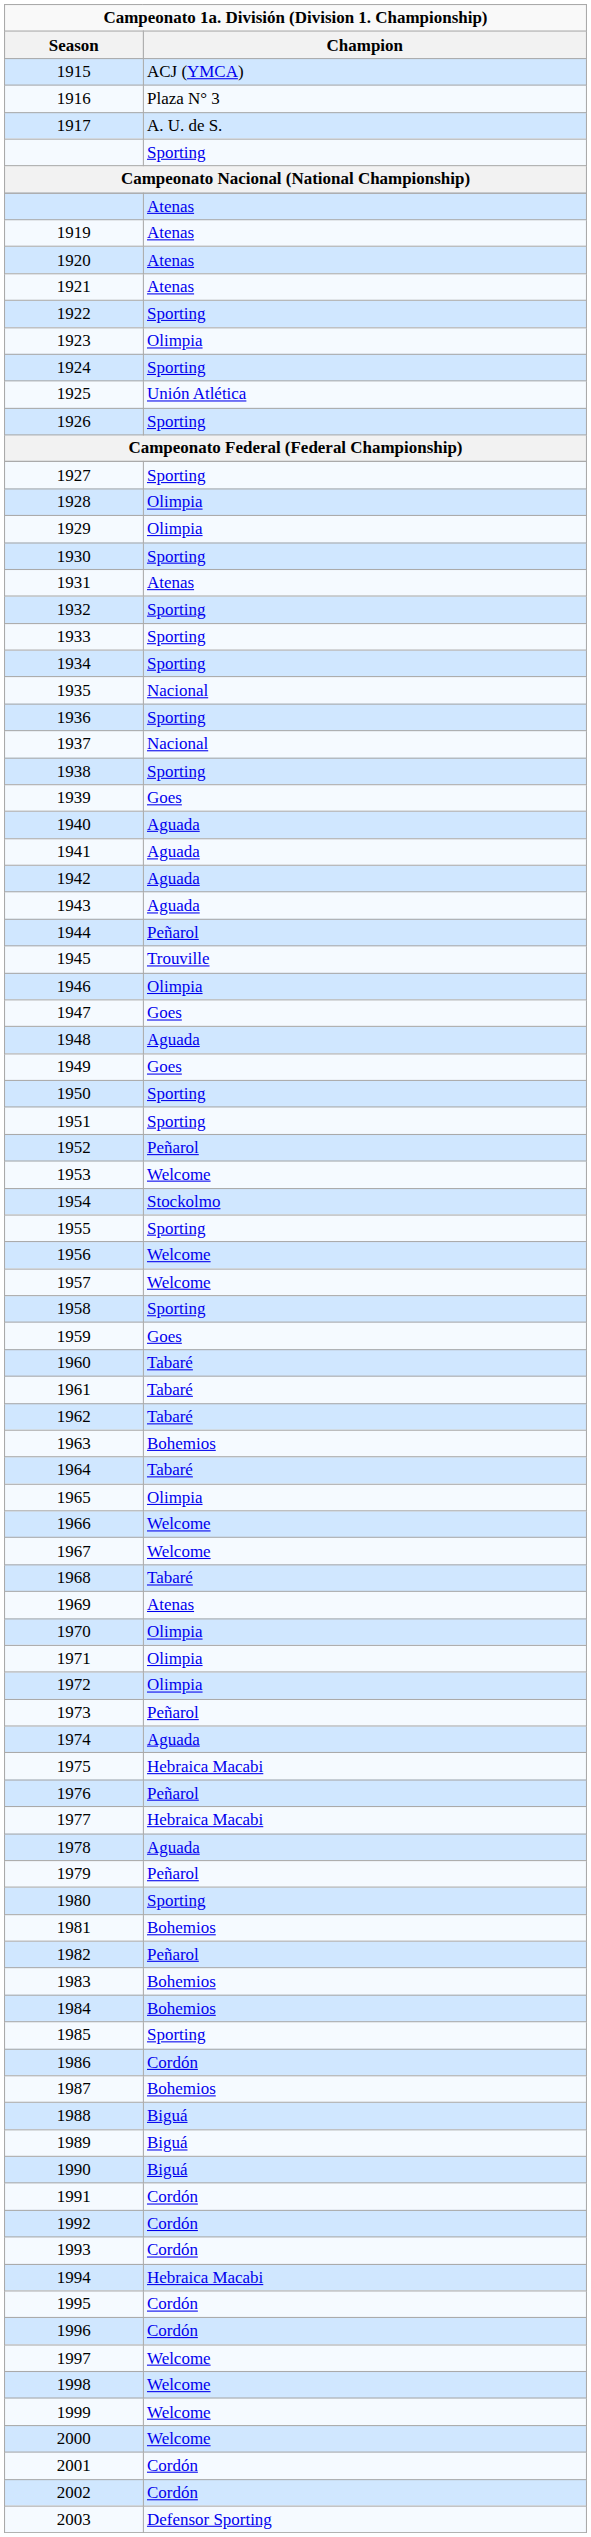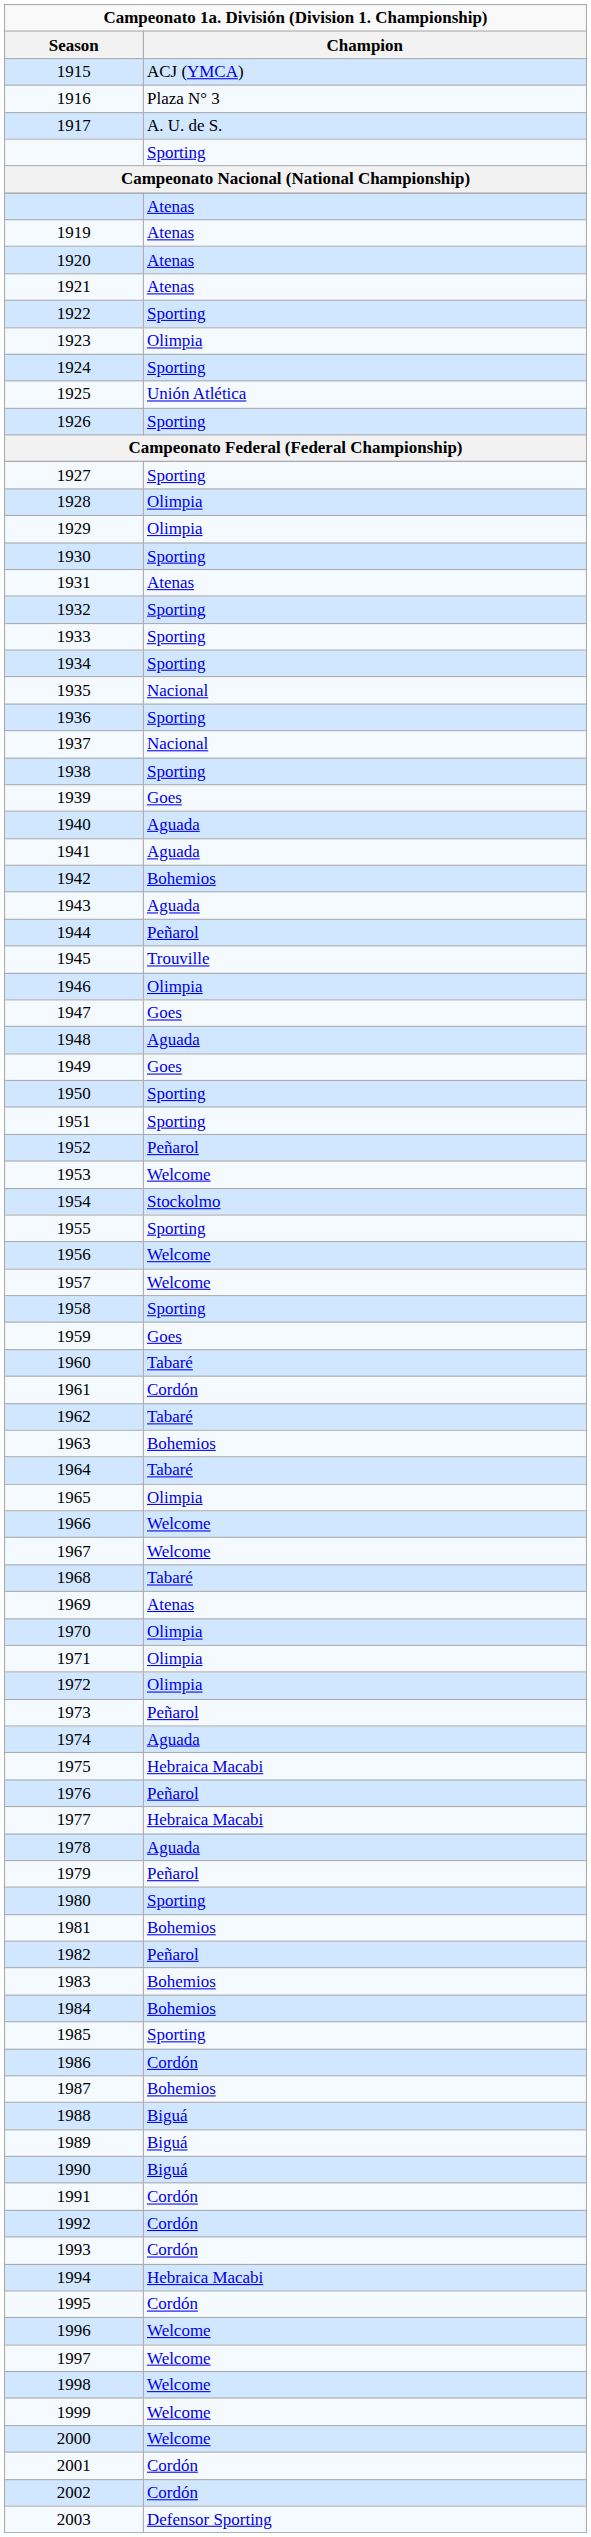 <table class="wikitable sortable"  style="text-align:left" width="550px">
 <tr>
 <td align=center colspan=2><strong>Campeonato 1a. División (Division 1. Championship)</strong></td>
 </tr>
 <tr align=center bgcolor=#DDDDDD style="color:Black;">
 <th width=10%>Season</th>
 <th width=32%>Champion</th>
 </tr>
 <tr align=left bgcolor=#D0E7FF>
 <td align=center>1915</td>
 <td> ACJ (<a href='#'>YMCA</a>)</td>
 </tr>
 <tr align=left bgcolor=#F5FAFF>
 <td align=center>1916</td>
 <td> Plaza N° 3</td>
 </tr>
 <tr align=left bgcolor=#D0E7FF>
 <td align=center>1917</td>
 <td> A. U. de S.</td>
 </tr>
 <tr align=left bgcolor=#F5FAFF>
 <td align=center></td>
 <td><a href='#'>Sporting</a></td>
 </tr>
 <tr>
 <th colspan="2"><strong>Campeonato Nacional (National Championship)</strong></th>
 </tr>
 <tr align=center bgcolor=#DDDDDD style="color:Black;">
 </tr>
 <tr align=left bgcolor=#D0E7FF>
 <td align=center></td>
 <td> <a href='#'>Atenas</a></td>
 </tr>
 <tr align=left bgcolor=#F5FAFF>
 <td align=center>1919</td>
 <td> <a href='#'>Atenas</a></td>
 </tr>
 <tr align=left bgcolor=#D0E7FF>
 <td align=center>1920</td>
 <td> <a href='#'>Atenas</a></td>
 </tr>
 <tr align=left bgcolor=#F5FAFF>
 <td align=center>1921</td>
 <td> <a href='#'>Atenas</a></td>
 </tr>
 <tr align=left bgcolor=#D0E7FF>
 <td align=center>1922</td>
 <td><a href='#'>Sporting</a></td>
 </tr>
 <tr align=left bgcolor=#F5FAFF>
 <td align=center>1923</td>
 <td> <a href='#'>Olimpia</a></td>
 </tr>
 <tr align=left bgcolor=#D0E7FF>
 <td align=center>1924</td>
 <td><a href='#'>Sporting</a></td>
 </tr>
 <tr align=left bgcolor=#F5FAFF>
 <td align=center>1925</td>
 <td><a href='#'>Unión Atlética</a></td>
 </tr>
 <tr align=left bgcolor=#D0E7FF>
 <td align=center>1926</td>
 <td><a href='#'>Sporting</a></td>
 </tr>
 <tr>
 <th colspan="2"><strong>Campeonato Federal (Federal Championship)</strong></th>
 </tr>
 <tr align=center bgcolor=#DDDDDD style="color:Black;">
 </tr>
 <tr align=left bgcolor=#F5FAFF>
 <td align=center>1927</td>
 <td><a href='#'>Sporting</a></td>
 </tr>
 <tr align=left bgcolor=#D0E7FF>
 <td align=center>1928</td>
 <td> <a href='#'>Olimpia</a></td>
 </tr>
 <tr align=left bgcolor=#F5FAFF>
 <td align=center>1929</td>
 <td> <a href='#'>Olimpia</a></td>
 </tr>
 <tr align=left bgcolor=#D0E7FF>
 <td align=center>1930</td>
 <td><a href='#'>Sporting</a></td>
 </tr>
 <tr align=left bgcolor=#F5FAFF>
 <td align=center>1931</td>
 <td> <a href='#'>Atenas</a></td>
 </tr>
 <tr align=left bgcolor=#D0E7FF>
 <td align=center>1932</td>
 <td><a href='#'>Sporting</a></td>
 </tr>
 <tr align=left bgcolor=#F5FAFF>
 <td align=center>1933</td>
 <td><a href='#'>Sporting</a></td>
 </tr>
 <tr align=left bgcolor=#D0E7FF>
 <td align=center>1934</td>
 <td><a href='#'>Sporting</a></td>
 </tr>
 <tr align=left bgcolor=#F5FAFF>
 <td align=center>1935</td>
 <td> <a href='#'>Nacional</a></td>
 </tr>
 <tr align=left bgcolor=#D0E7FF>
 <td align=center>1936</td>
 <td><a href='#'>Sporting</a></td>
 </tr>
 <tr align=left bgcolor=#F5FAFF>
 <td align=center>1937</td>
 <td> <a href='#'>Nacional</a></td>
 </tr>
 <tr align=left bgcolor=#D0E7FF>
 <td align=center>1938</td>
 <td><a href='#'>Sporting</a></td>
 </tr>
 <tr align=left bgcolor=#F5FAFF>
 <td align=center>1939</td>
 <td> <a href='#'>Goes</a></td>
 </tr>
 <tr align=left bgcolor=#D0E7FF>
 <td align=center>1940</td>
 <td> <a href='#'>Aguada</a></td>
 </tr>
 <tr align=left bgcolor=#F5FAFF>
 <td align=center>1941</td>
 <td> <a href='#'>Aguada</a></td>
 </tr>
 <tr align=left bgcolor=#D0E7FF>
 <td align=center>1942</td>
-<td> <a href='#'>Aguada</a></td>
+<td> <a href='#'>Bohemios</a></td>
 </tr>
 <tr align=left bgcolor=#F5FAFF>
 <td align=center>1943</td>
 <td> <a href='#'>Aguada</a></td>
 </tr>
 <tr align=left bgcolor=#D0E7FF>
 <td align=center>1944</td>
 <td> <a href='#'>Peñarol</a></td>
 </tr>
 <tr align=left bgcolor=#F5FAFF>
 <td align=center>1945</td>
 <td> <a href='#'>Trouville</a></td>
 </tr>
 <tr align=left bgcolor=#D0E7FF>
 <td align=center>1946</td>
 <td> <a href='#'>Olimpia</a></td>
 </tr>
 <tr align=left bgcolor=#F5FAFF>
 <td align=center>1947</td>
 <td> <a href='#'>Goes</a></td>
 </tr>
 <tr align=left bgcolor=#D0E7FF>
 <td align=center>1948</td>
 <td> <a href='#'>Aguada</a></td>
 </tr>
 <tr align=left bgcolor=#F5FAFF>
 <td align=center>1949</td>
 <td> <a href='#'>Goes</a></td>
 </tr>
 <tr align=left bgcolor=#D0E7FF>
 <td align=center>1950</td>
 <td><a href='#'>Sporting</a></td>
 </tr>
 <tr align=left bgcolor=#F5FAFF>
 <td align=center>1951</td>
 <td><a href='#'>Sporting</a></td>
 </tr>
 <tr align=left bgcolor=#D0E7FF>
 <td align=center>1952</td>
 <td> <a href='#'>Peñarol</a></td>
 </tr>
 <tr align=left bgcolor=#F5FAFF>
 <td align=center>1953</td>
 <td> <a href='#'>Welcome</a></td>
 </tr>
 <tr align=left bgcolor=#D0E7FF>
 <td align=center>1954</td>
 <td> <a href='#'>Stockolmo</a></td>
 </tr>
 <tr align=left bgcolor=#F5FAFF>
 <td align=center>1955</td>
 <td><a href='#'>Sporting</a></td>
 </tr>
 <tr align=left bgcolor=#D0E7FF>
 <td align=center>1956</td>
 <td> <a href='#'>Welcome</a></td>
 </tr>
 <tr align=left bgcolor=#F5FAFF>
 <td align=center>1957</td>
 <td> <a href='#'>Welcome</a></td>
 </tr>
 <tr align=left bgcolor=#D0E7FF>
 <td align=center>1958</td>
 <td><a href='#'>Sporting</a></td>
 </tr>
 <tr align=left bgcolor=#F5FAFF>
 <td align=center>1959</td>
 <td> <a href='#'>Goes</a></td>
 </tr>
 <tr align=left bgcolor=#D0E7FF>
 <td align=center>1960</td>
 <td> <a href='#'>Tabaré</a></td>
 </tr>
 <tr align=left bgcolor=#F5FAFF>
 <td align=center>1961</td>
-<td> <a href='#'>Tabaré</a></td>
+<td> <a href='#'>Cordón</a></td>
 </tr>
 <tr align=left bgcolor=#D0E7FF>
 <td align=center>1962</td>
 <td> <a href='#'>Tabaré</a></td>
 </tr>
 <tr align=left bgcolor=#F5FAFF>
 <td align=center>1963</td>
 <td> <a href='#'>Bohemios</a></td>
 </tr>
 <tr align=left bgcolor=#D0E7FF>
 <td align=center>1964</td>
 <td> <a href='#'>Tabaré</a></td>
 </tr>
 <tr align=left bgcolor=#F5FAFF>
 <td align=center>1965</td>
 <td> <a href='#'>Olimpia</a></td>
 </tr>
 <tr align=left bgcolor=#D0E7FF>
 <td align=center>1966</td>
 <td> <a href='#'>Welcome</a></td>
 </tr>
 <tr align=left bgcolor=#F5FAFF>
 <td align=center>1967</td>
 <td> <a href='#'>Welcome</a></td>
 </tr>
 <tr align=left bgcolor=#D0E7FF>
 <td align=center>1968</td>
 <td> <a href='#'>Tabaré</a></td>
 </tr>
 <tr align=left bgcolor=#F5FAFF>
 <td align=center>1969</td>
 <td> <a href='#'>Atenas</a></td>
 </tr>
 <tr align=left bgcolor=#D0E7FF>
 <td align=center>1970</td>
 <td> <a href='#'>Olimpia</a></td>
 </tr>
 <tr align=left bgcolor=#F5FAFF>
 <td align=center>1971</td>
 <td> <a href='#'>Olimpia</a></td>
 </tr>
 <tr align=left bgcolor=#D0E7FF>
 <td align=center>1972</td>
 <td> <a href='#'>Olimpia</a></td>
 </tr>
 <tr align=left bgcolor=#F5FAFF>
 <td align=center>1973</td>
 <td> <a href='#'>Peñarol</a></td>
 </tr>
 <tr align=left bgcolor=#D0E7FF>
 <td align=center>1974</td>
 <td> <a href='#'>Aguada</a></td>
 </tr>
 <tr align=left bgcolor=#F5FAFF>
 <td align=center>1975</td>
 <td> <a href='#'>Hebraica Macabi</a></td>
 </tr>
 <tr align=left bgcolor=#D0E7FF>
 <td align=center>1976</td>
 <td> <a href='#'>Peñarol</a></td>
 </tr>
 <tr align=left bgcolor=#F5FAFF>
 <td align=center>1977</td>
 <td> <a href='#'>Hebraica Macabi</a></td>
 </tr>
 <tr align=left bgcolor=#D0E7FF>
 <td align=center>1978</td>
 <td> <a href='#'>Aguada</a></td>
 </tr>
 <tr align=left bgcolor=#F5FAFF>
 <td align=center>1979</td>
 <td> <a href='#'>Peñarol</a></td>
 </tr>
 <tr align=left bgcolor=#D0E7FF>
 <td align=center>1980</td>
 <td><a href='#'>Sporting</a></td>
 </tr>
 <tr align=left bgcolor=#F5FAFF>
 <td align=center>1981</td>
 <td> <a href='#'>Bohemios</a></td>
 </tr>
 <tr align=left bgcolor=#D0E7FF>
 <td align=center>1982</td>
 <td> <a href='#'>Peñarol</a></td>
 </tr>
 <tr align=left bgcolor=#F5FAFF>
 <td align=center>1983</td>
 <td> <a href='#'>Bohemios</a></td>
 </tr>
 <tr align=left bgcolor=#D0E7FF>
 <td align=center>1984</td>
 <td> <a href='#'>Bohemios</a></td>
 </tr>
 <tr align=left bgcolor=#F5FAFF>
 <td align=center>1985</td>
 <td><a href='#'>Sporting</a></td>
 </tr>
 <tr align=left bgcolor=#D0E7FF>
 <td align=center>1986</td>
 <td> <a href='#'>Cordón</a></td>
 </tr>
 <tr align=left bgcolor=#F5FAFF>
 <td align=center>1987</td>
 <td> <a href='#'>Bohemios</a></td>
 </tr>
 <tr align=left bgcolor=#D0E7FF>
 <td align=center>1988</td>
 <td> <a href='#'>Biguá</a></td>
 </tr>
 <tr align=left bgcolor=#F5FAFF>
 <td align=center>1989</td>
 <td> <a href='#'>Biguá</a></td>
 </tr>
 <tr align=left bgcolor=#D0E7FF>
 <td align=center>1990</td>
 <td> <a href='#'>Biguá</a></td>
 </tr>
 <tr align=left bgcolor=#F5FAFF>
 <td align=center>1991</td>
 <td> <a href='#'>Cordón</a></td>
 </tr>
 <tr align=left bgcolor=#D0E7FF>
 <td align=center>1992</td>
 <td> <a href='#'>Cordón</a></td>
 </tr>
 <tr align=left bgcolor=#F5FAFF>
 <td align=center>1993</td>
 <td> <a href='#'>Cordón</a></td>
 </tr>
 <tr align=left bgcolor=#D0E7FF>
 <td align=center>1994</td>
 <td> <a href='#'>Hebraica Macabi</a></td>
 </tr>
 <tr align=left bgcolor=#F5FAFF>
 <td align=center>1995</td>
 <td> <a href='#'>Cordón</a></td>
 </tr>
 <tr align=left bgcolor=#D0E7FF>
 <td align=center>1996</td>
-<td> <a href='#'>Cordón</a></td>
+<td> <a href='#'>Welcome</a></td>
 </tr>
 <tr align=left bgcolor=#F5FAFF>
 <td align=center>1997</td>
 <td> <a href='#'>Welcome</a></td>
 </tr>
 <tr align=left bgcolor=#D0E7FF>
 <td align=center>1998</td>
 <td> <a href='#'>Welcome</a></td>
 </tr>
 <tr align=left bgcolor=#F5FAFF>
 <td align=center>1999</td>
 <td> <a href='#'>Welcome</a></td>
 </tr>
 <tr align=left bgcolor=#D0E7FF>
 <td align=center>2000</td>
 <td> <a href='#'>Welcome</a></td>
 </tr>
 <tr align=left bgcolor=#F5FAFF>
 <td align=center>2001</td>
 <td> <a href='#'>Cordón</a></td>
 </tr>
 <tr align=left bgcolor=#D0E7FF>
 <td align=center>2002</td>
 <td> <a href='#'>Cordón</a></td>
 </tr>
 <tr align=left bgcolor=#F5FAFF>
 <td align=center>2003</td>
 <td><a href='#'>Defensor Sporting</a></td>
 </tr>
 </table>
